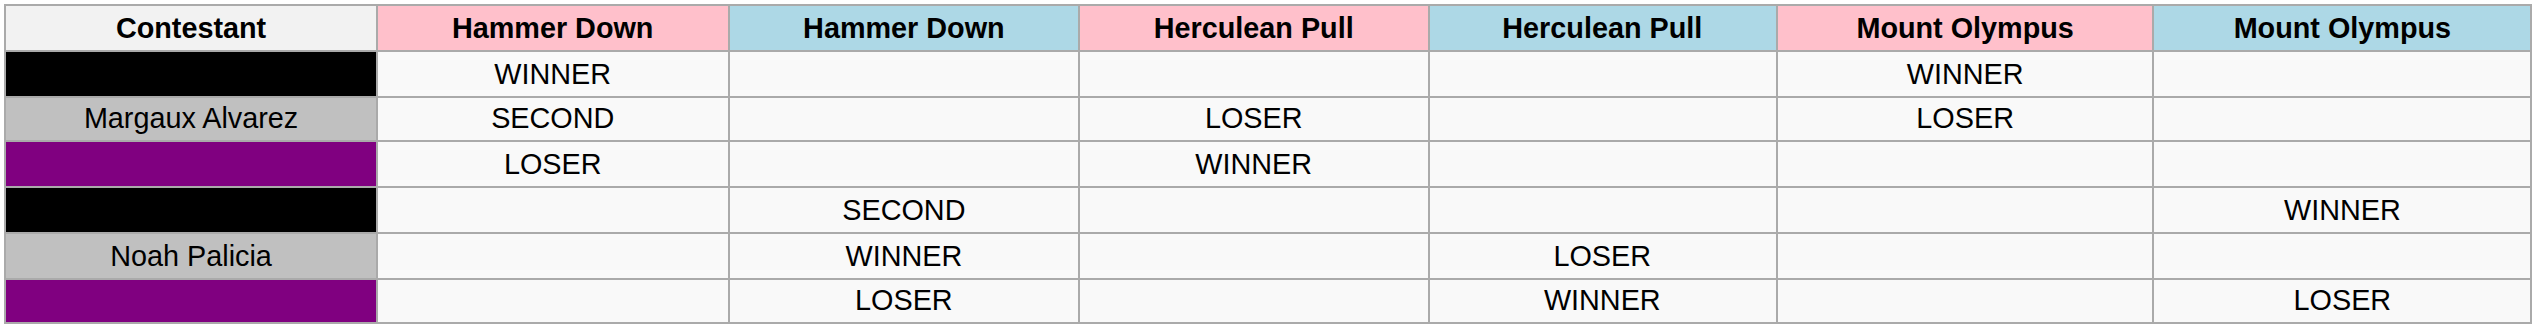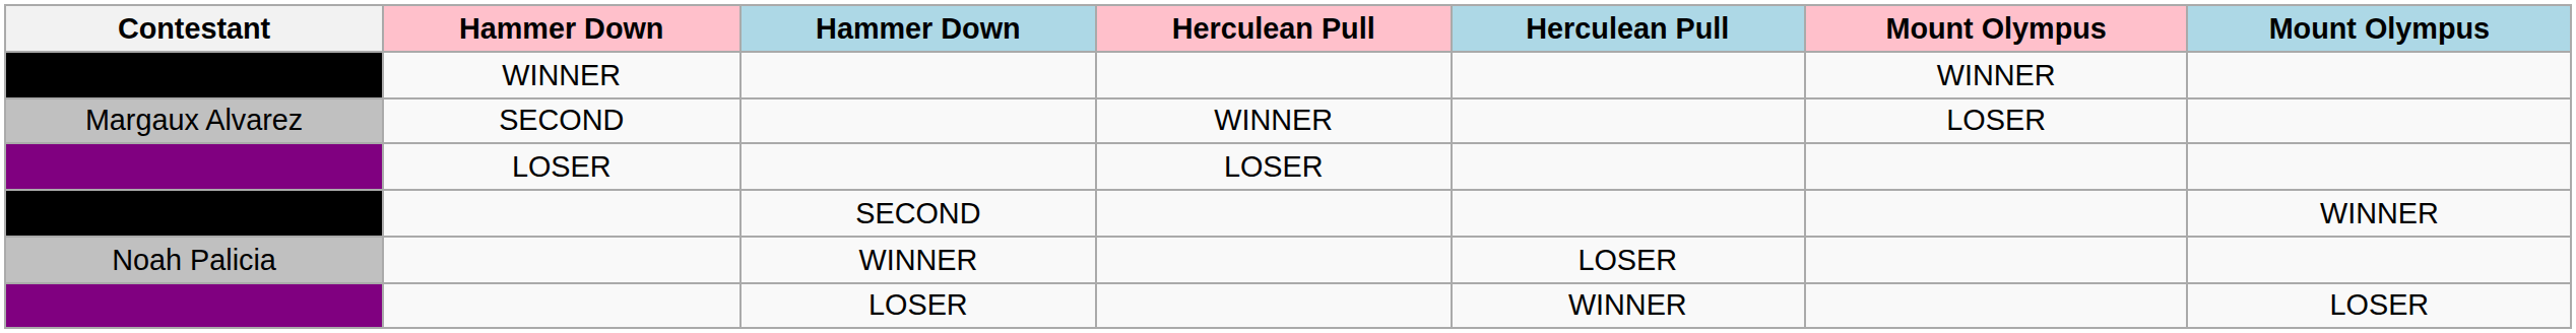 <table class="wikitable" style="text-align:center; font-size:90%; width:100%">
 <tr>
 <th>Contestant</th>
 <th style="background:pink;">Hammer Down</th>
 <th style="background:lightblue;">Hammer Down</th>
 <th style="background:pink;">Herculean Pull</th>
 <th style="background:lightblue;">Herculean Pull</th>
 <th style="background:pink;">Mount Olympus</th>
 <th style="background:lightblue;">Mount Olympus</th>
 </tr>
 <tr>
 <td style="background:black;"></td>
 <td>WINNER</td>
 <td></td>
 <td></td>
 <td></td>
 <td>WINNER</td>
 <td></td>
 </tr>
 <tr>
 <td style="background:silver;">Margaux Alvarez</td>
 <td>SECOND</td>
 <td></td>
-<td>LOSER</td>
+<td>WINNER</td>
 <td></td>
 <td>LOSER</td>
 <td></td>
 </tr>
 <tr>
 <td style="background:purple;"></td>
 <td>LOSER</td>
 <td></td>
-<td>WINNER</td>
+<td>LOSER</td>
 <td></td>
 <td></td>
 <td></td>
 </tr>
 <tr>
 <td style="background:black;"></td>
 <td></td>
 <td>SECOND</td>
 <td></td>
 <td></td>
 <td></td>
 <td>WINNER</td>
 </tr>
 <tr>
 <td style="background:silver;">Noah Palicia</td>
 <td></td>
 <td>WINNER</td>
 <td></td>
 <td>LOSER</td>
 <td></td>
 <td></td>
 </tr>
 <tr>
 <td style="background:purple;"></td>
 <td></td>
 <td>LOSER</td>
 <td></td>
 <td>WINNER</td>
 <td></td>
 <td>LOSER</td>
 </tr>
 </table>
